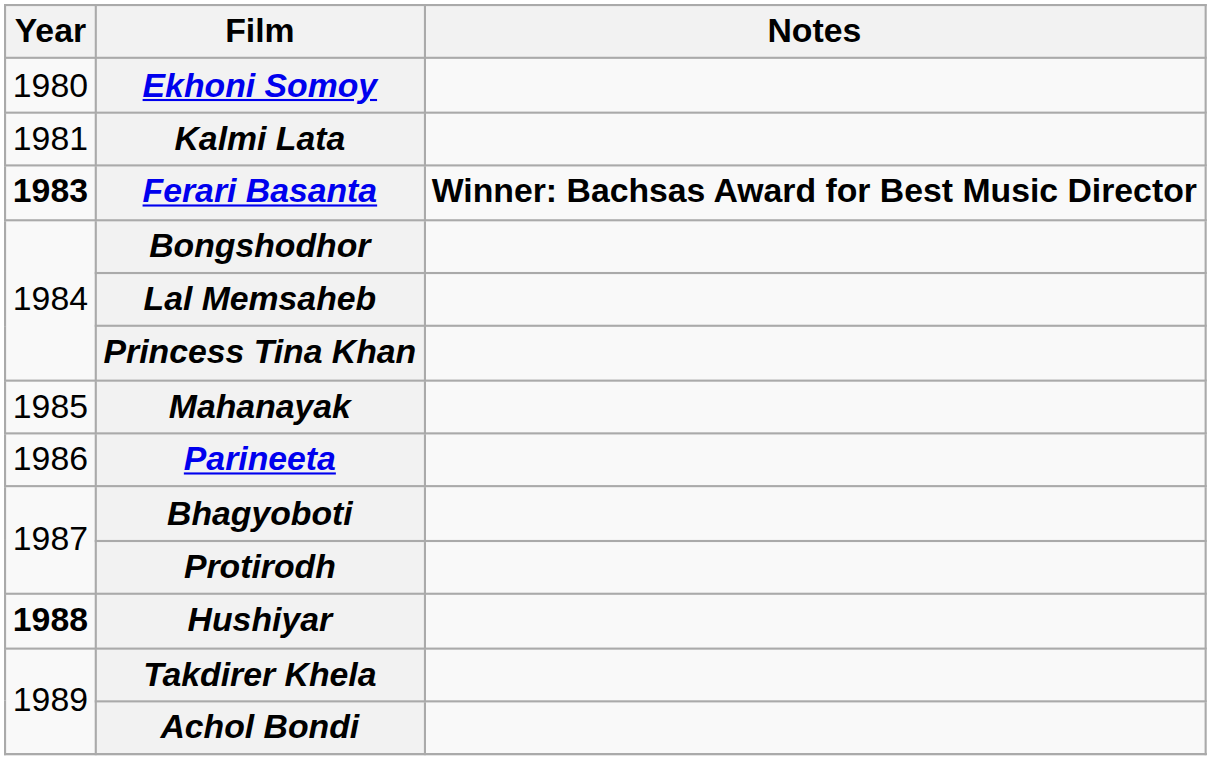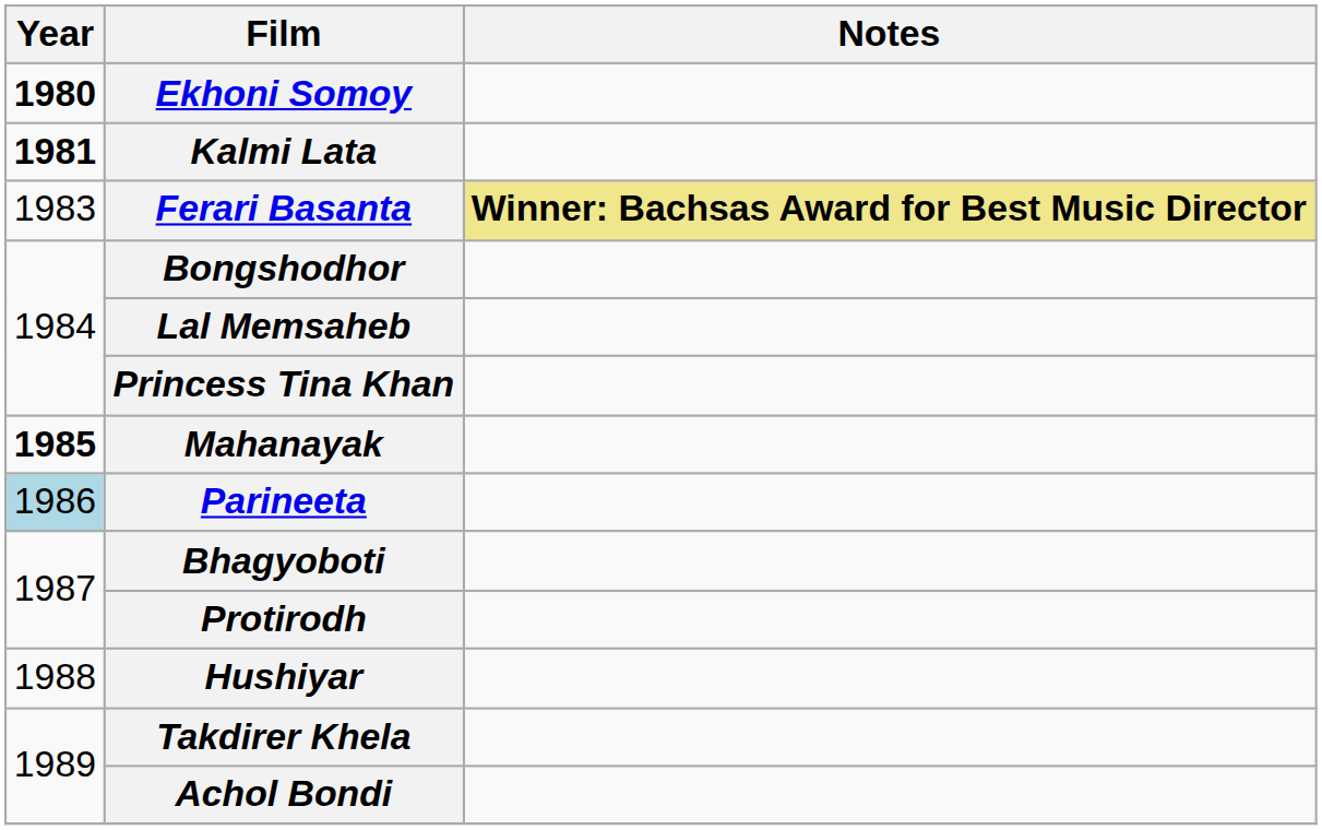 <table class="wikitable sortable">
 <tr>
 <th>Year</th>
 <th>Film</th>
 <th>Notes</th>
 </tr>
 <tr>
-<td>1980</td>
+<td><strong>1980</strong></td>
 <th><em><a href='#'>Ekhoni Somoy</a></em></th>
 <td></td>
 </tr>
 <tr>
-<td>1981</td>
+<td><strong>1981</strong></td>
 <th><em>Kalmi Lata</em></th>
 <td></td>
 </tr>
 <tr>
-<td><strong>1983</strong></td>
+<td>1983</td>
 <th><em><a href='#'>Ferari Basanta</a></em></th>
-<td><strong>Winner: Bachsas Award for Best Music Director</strong></td>
+<td style="background: khaki;"><strong>Winner: Bachsas Award for Best Music Director</strong></td>
 </tr>
 <tr>
 <td rowspan=3>1984</td>
 <th><em>Bongshodhor</em></th>
 <td></td>
 </tr>
 <tr>
 <th><em>Lal Memsaheb</em></th>
 <td></td>
 </tr>
 <tr>
 <th><em>Princess Tina Khan</em></th>
 <td></td>
 </tr>
 <tr>
-<td>1985</td>
+<td><strong>1985</strong></td>
 <th><em>Mahanayak</em></th>
 <td></td>
 </tr>
 <tr>
-<td>1986</td>
+<td style="background: lightblue;">1986</td>
 <th><em><a href='#'>Parineeta</a></em></th>
 <td></td>
 </tr>
 <tr>
 <td rowspan=2>1987</td>
 <th><em>Bhagyoboti</em> </th>
 <td></td>
 </tr>
 <tr>
 <th><em>Protirodh</em></th>
 <td></td>
 </tr>
 <tr>
-<td><strong>1988</strong></td>
+<td>1988</td>
 <th><em>Hushiyar</em></th>
 <td></td>
 </tr>
 <tr>
 <td rowspan=2>1989</td>
 <th><em>Takdirer Khela</em></th>
 <td></td>
 </tr>
 <tr>
 <th><em>Achol Bondi</em></th>
 <td></td>
 </tr>
 <tr>
 </tr>
 </table>
